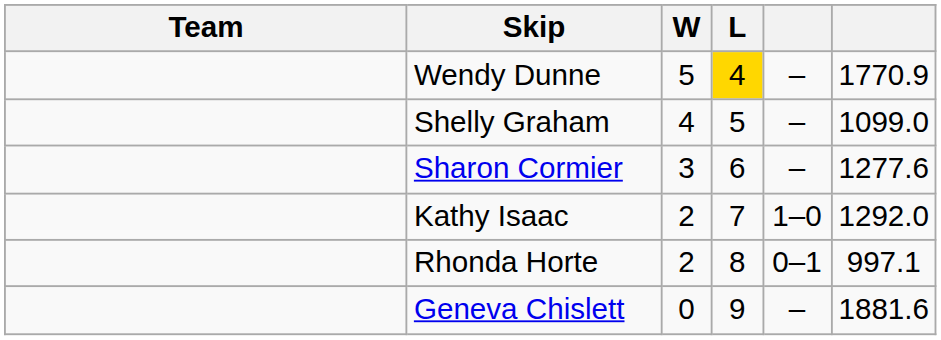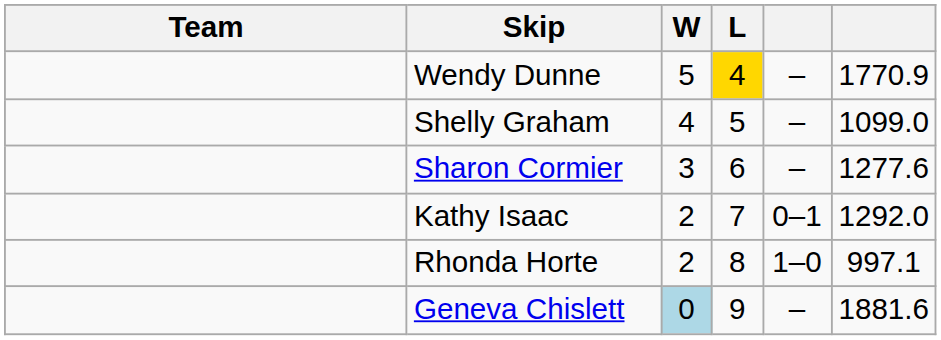 <table class="wikitable" style="text-align: center;">
 <tr>
 <th width=210>Team</th>
 <th width=130>Skip</th>
 <th width=20>W</th>
 <th width=20>L</th>
 <th width=30></th>
 <th width=20></th>
 </tr>
 <tr>
 <td style="text-align:left;"></td>
 <td style="text-align:left;">Wendy Dunne</td>
 <td>5</td>
 <td style="background: gold;">4</td>
 <td>–</td>
 <td>1770.9</td>
 </tr>
 <tr>
 <td style="text-align:left;"></td>
 <td style="text-align:left;">Shelly Graham</td>
 <td>4</td>
 <td>5</td>
 <td>–</td>
 <td>1099.0</td>
 </tr>
 <tr>
 <td style="text-align:left;"></td>
 <td style="text-align:left;"><a href='#'>Sharon Cormier</a></td>
 <td>3</td>
 <td>6</td>
 <td>–</td>
 <td>1277.6</td>
 </tr>
 <tr>
 <td style="text-align:left;"></td>
 <td style="text-align:left;">Kathy Isaac</td>
 <td>2</td>
 <td>7</td>
-<td>1–0</td>
+<td>0–1</td>
 <td>1292.0</td>
 </tr>
 <tr>
 <td style="text-align:left;"></td>
 <td style="text-align:left;">Rhonda Horte</td>
 <td>2</td>
 <td>8</td>
-<td>0–1</td>
+<td>1–0</td>
 <td>997.1</td>
 </tr>
 <tr>
 <td style="text-align:left;"></td>
 <td style="text-align:left;"><a href='#'>Geneva Chislett</a></td>
-<td>0</td>
+<td style="background: lightblue;">0</td>
 <td>9</td>
 <td>–</td>
 <td>1881.6</td>
 </tr>
 </table>
